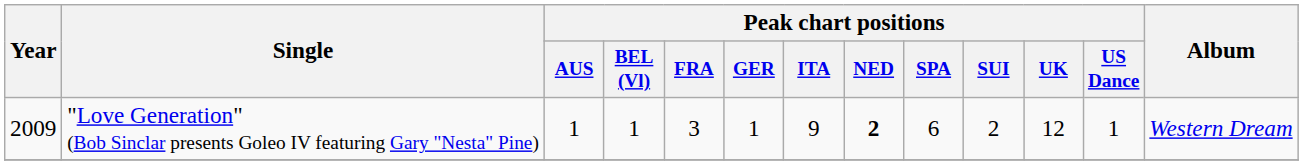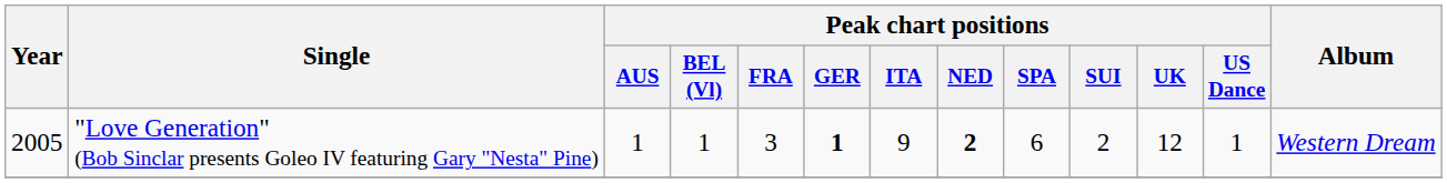 <table class="wikitable" style="text-align:center;">
 <tr>
 <th rowspan="2">Year</th>
 <th rowspan="2">Single</th>
 <th colspan="10">Peak chart positions</th>
 <th rowspan="2">Album</th>
 </tr>
 <tr style="font-size:smaller;">
 <th width="35"><a href='#'>AUS</a></th>
 <th width="35"><a href='#'>BEL<br>(Vl)</a><br></th>
 <th width="35"><a href='#'>FRA</a><br></th>
 <th width="35"><a href='#'>GER</a><br></th>
 <th width="35"><a href='#'>ITA</a><br></th>
 <th width="35"><a href='#'>NED</a><br></th>
 <th width="35"><a href='#'>SPA</a><br></th>
 <th width="35"><a href='#'>SUI</a><br></th>
 <th width="35"><a href='#'>UK</a><br></th>
 <th width="35"><a href='#'>US<br>Dance</a><br></th>
 </tr>
 <tr>
-<td>2009</td>
+<td>2005</td>
 <td align="left">"<a href='#'>Love Generation</a>" <br><small>(<a href='#'>Bob Sinclar</a> presents Goleo IV featuring <a href='#'>Gary "Nesta" Pine</a>)</small></td>
 <td>1</td>
 <td>1</td>
 <td>3</td>
-<td>1</td>
+<td><strong>1</strong></td>
 <td>9</td>
 <td><strong>2</strong></td>
 <td>6</td>
 <td>2</td>
 <td>12</td>
 <td>1</td>
 <td align="left"><em><a href='#'>Western Dream</a></em></td>
 </tr>
 <tr>
 </tr>
 </table>
